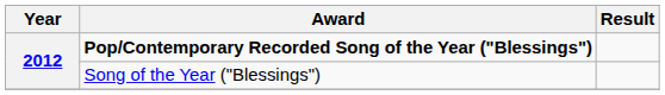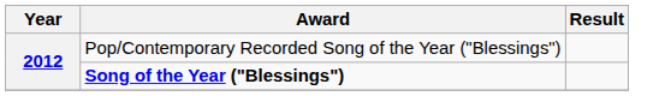 <table class="wikitable">
 <tr>
 <th style="width:60px;">Year</th>
 <th>Award</th>
 <th>Result</th>
 </tr>
 <tr>
 <th rowspan="2"><a href='#'>2012</a></th>
-<td><strong>Pop/Contemporary Recorded Song of the Year ("Blessings")</strong></td>
+<td>Pop/Contemporary Recorded Song of the Year ("Blessings")</td>
 <td></td>
 </tr>
 <tr>
-<td><a href='#'>Song of the Year</a> ("Blessings")</td>
+<td><strong><a href='#'>Song of the Year</a> ("Blessings")</strong></td>
 <td></td>
 </tr>
 <tr>
 </tr>
 </table>
